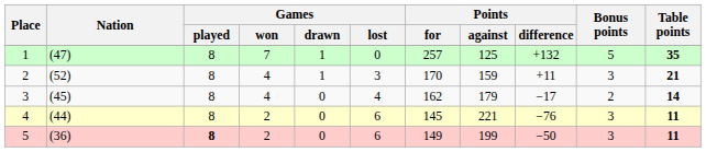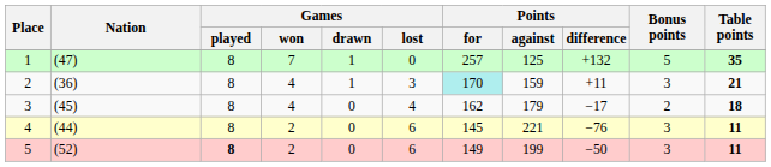 <table class="wikitable">
 <tr>
 <th rowspan=2 width="6%">Place</th>
 <th rowspan=2 width="20%">Nation</th>
 <th colspan=4 width="40%">Games</th>
 <th colspan=3 width="24%">Points</th>
 <th rowspan=2 width="10%">Bonus<br>points</th>
 <th rowspan=2 width="10%">Table<br>points</th>
 </tr>
 <tr>
 <th width="8%">played</th>
 <th width="8%">won</th>
 <th width="8%">drawn</th>
 <th width="8%">lost</th>
 <th width="8%">for</th>
 <th width="8%">against</th>
 <th width="8%">difference</th>
 </tr>
 <tr>
 </tr>
 <tr align=center bgcolor="#ccffcc">
 <td>1</td>
 <td align=left> (47)</td>
 <td>8</td>
 <td>7</td>
 <td>1</td>
 <td>0</td>
 <td>257</td>
 <td>125</td>
 <td>+132</td>
 <td>5</td>
 <td><strong>35</strong></td>
 </tr>
 <tr align=center>
 <td>2</td>
-<td align=left> (52)</td>
+<td align=left> (36)</td>
 <td>8</td>
 <td>4</td>
 <td>1</td>
 <td>3</td>
-<td>170</td>
+<td style="background: paleturquoise;">170</td>
 <td>159</td>
 <td>+11</td>
 <td>3</td>
 <td><strong>21</strong></td>
 </tr>
 <tr align=center>
 <td>3</td>
 <td align=left> (45)</td>
 <td>8</td>
 <td>4</td>
 <td>0</td>
 <td>4</td>
 <td>162</td>
 <td>179</td>
 <td>−17</td>
 <td>2</td>
-<td><strong>14</strong></td>
+<td><strong>18</strong></td>
 </tr>
 <tr align=center bgcolor="#ffffcc">
 <td>4</td>
 <td align=left> (44)</td>
 <td>8</td>
 <td>2</td>
 <td>0</td>
 <td>6</td>
 <td>145</td>
 <td>221</td>
 <td>−76</td>
 <td>3</td>
 <td><strong>11</strong></td>
 </tr>
 <tr align=center bgcolor="#ffcccc">
 <td>5</td>
-<td align=left> (36)</td>
+<td align=left> (52)</td>
 <td><strong>8</strong></td>
 <td>2</td>
 <td>0</td>
 <td>6</td>
 <td>149</td>
 <td>199</td>
 <td>−50</td>
 <td>3</td>
 <td><strong>11</strong></td>
 </tr>
 </table>
